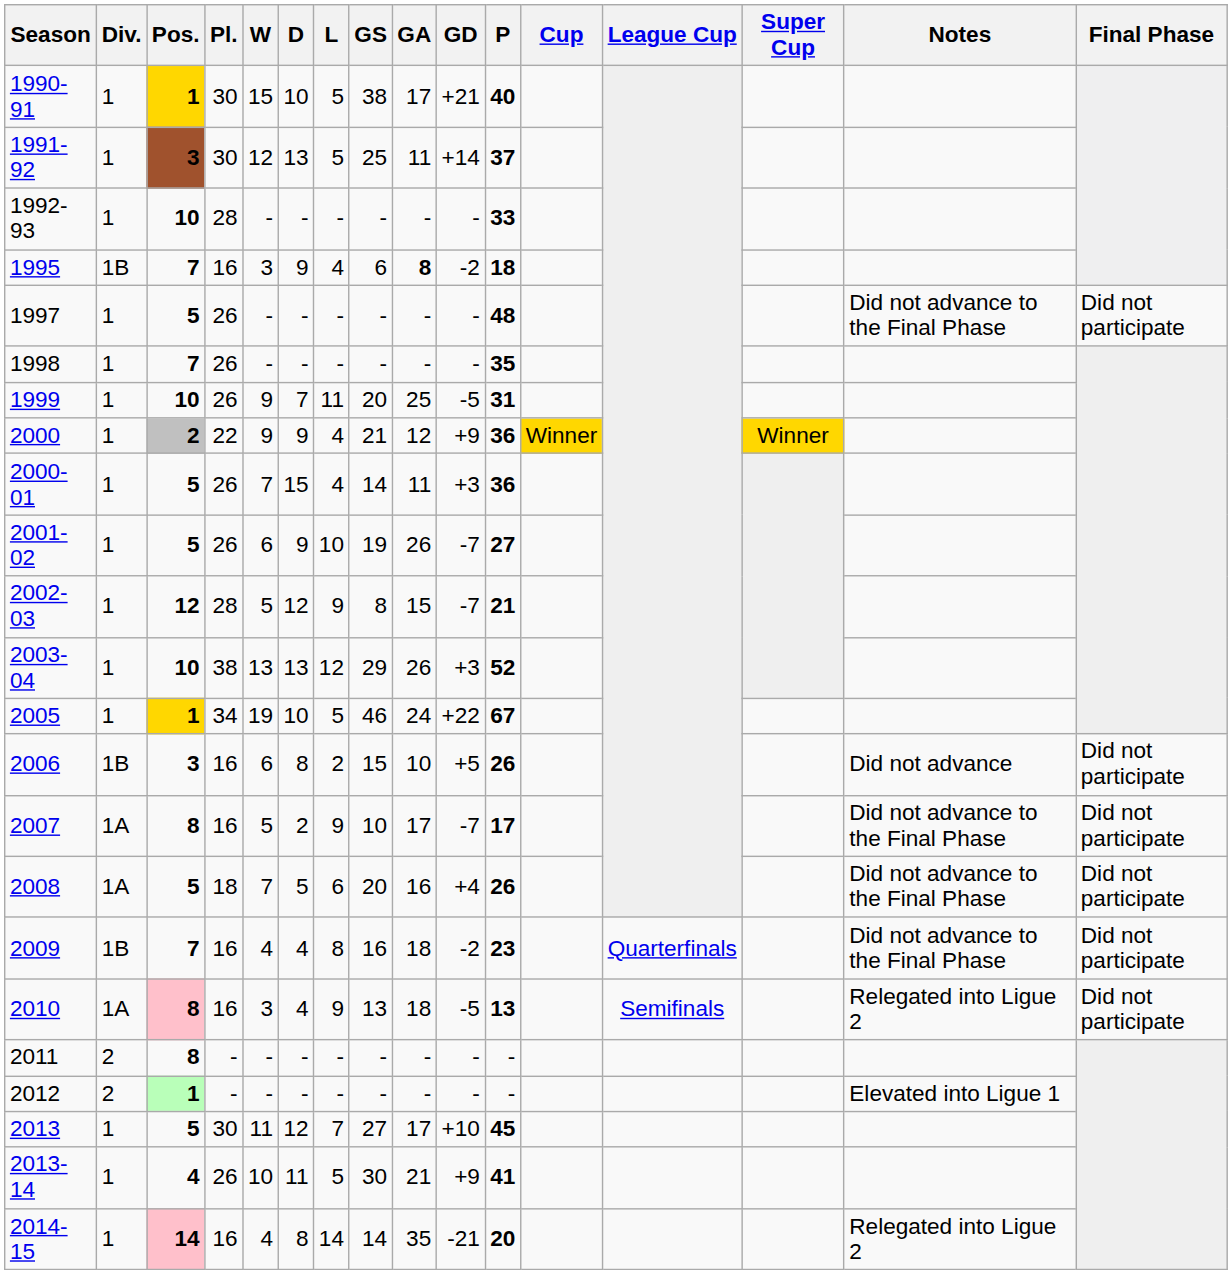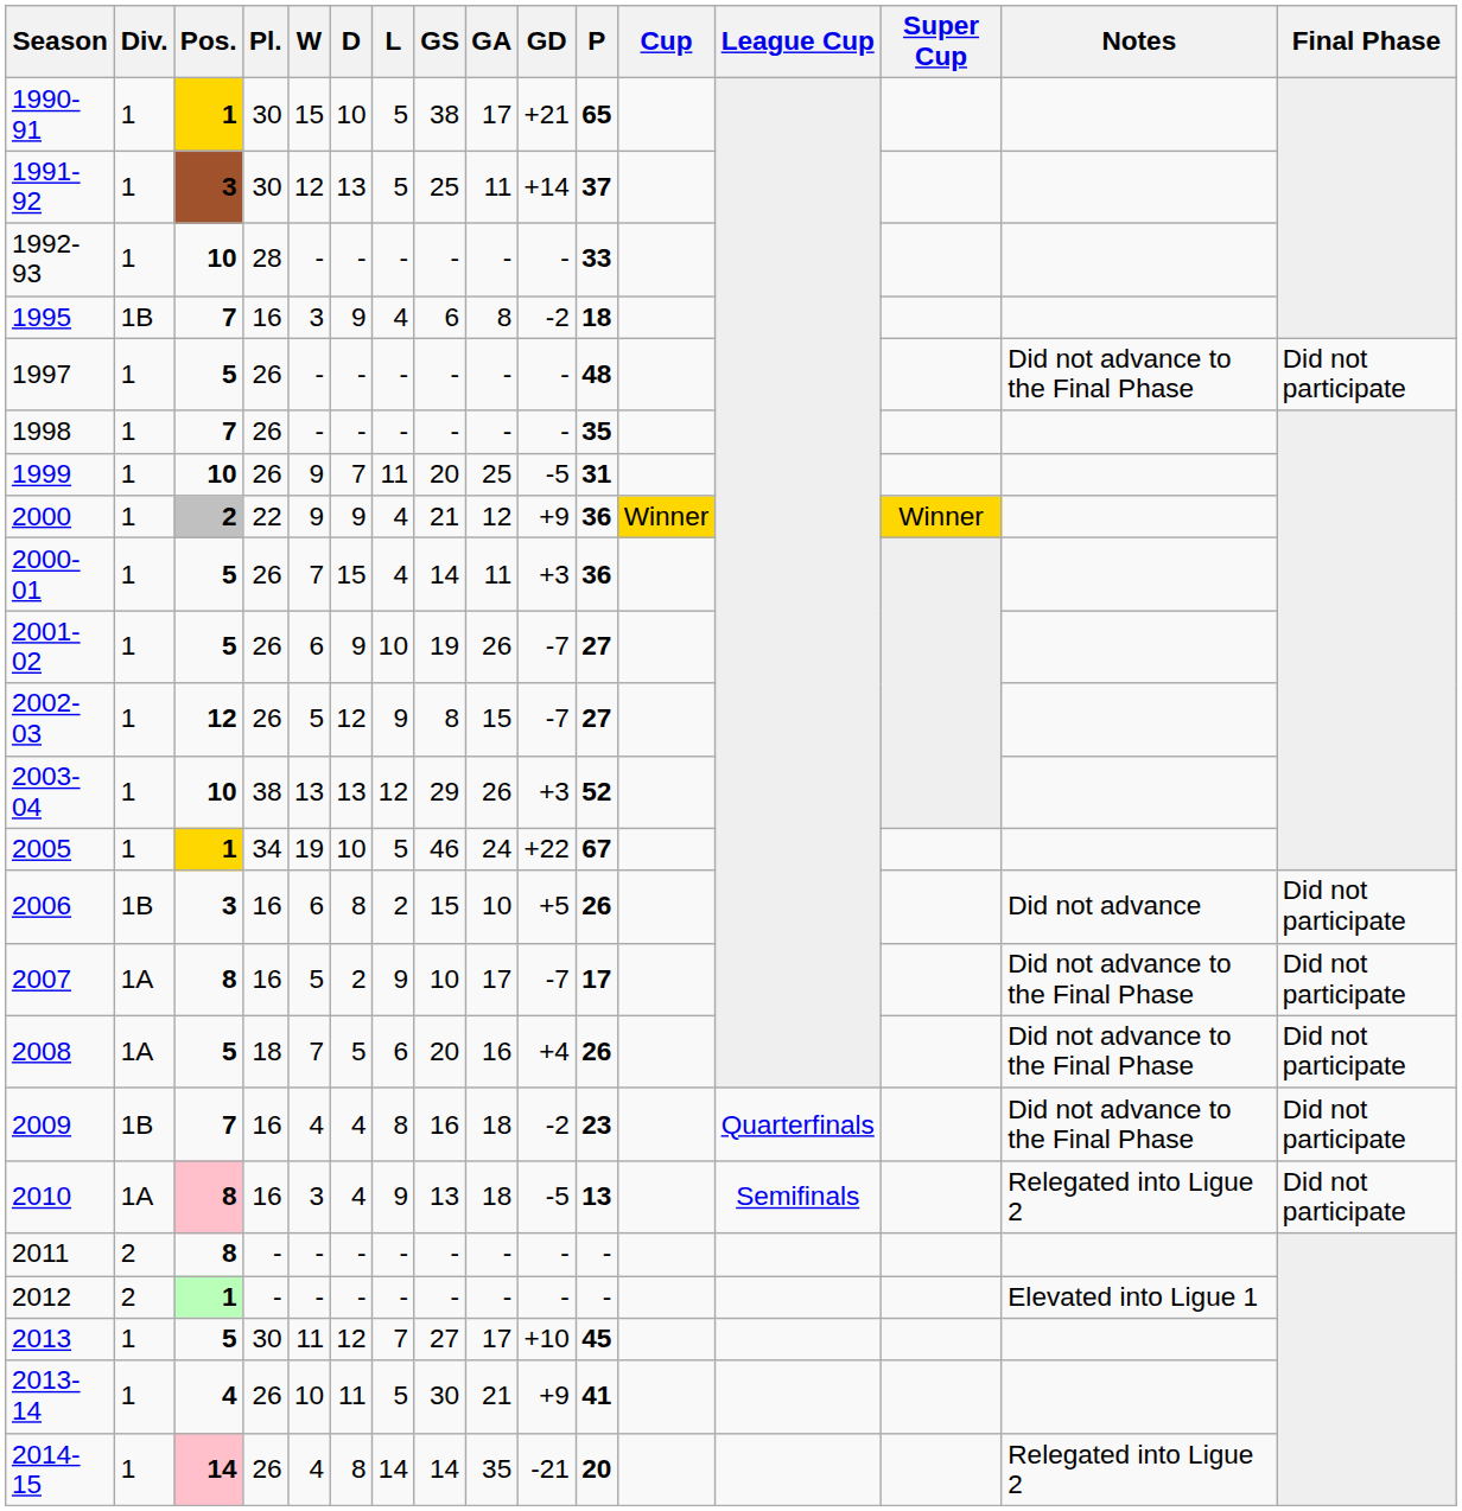 <table class="wikitable">
 <tr style="background:#efefef;">
 <th>Season</th>
 <th>Div.</th>
 <th>Pos.</th>
 <th>Pl.</th>
 <th>W</th>
 <th>D</th>
 <th>L</th>
 <th>GS</th>
 <th>GA</th>
 <th>GD</th>
 <th>P</th>
 <th><a href='#'>Cup</a></th>
 <th><a href='#'>League Cup</a></th>
 <th><a href='#'>Super Cup</a></th>
 <th>Notes</th>
 <th>Final Phase</th>
 </tr>
 <tr>
 <td><a href='#'>1990-91</a></td>
 <td>1</td>
 <td align=right bgcolor=gold><strong>1</strong></td>
 <td align=right>30</td>
 <td align=right>15</td>
 <td align=right>10</td>
 <td align=right>5</td>
 <td align=right>38</td>
 <td align=right>17</td>
 <td align=right>+21</td>
-<td align=right><strong>40</strong></td>
+<td align=right><strong>65</strong></td>
 <td></td>
 <td rowspan="16" bgcolor=#EFEFEF></td>
 <td></td>
 <td></td>
 <td rowspan="4" bgcolor=#EFEFF></td>
 </tr>
 <tr>
 <td><a href='#'>1991-92</a></td>
 <td>1</td>
 <td align=right bgcolor=sienna><strong>3</strong></td>
 <td align=right>30</td>
 <td align=right>12</td>
 <td align=right>13</td>
 <td align=right>5</td>
 <td align=right>25</td>
 <td align=right>11</td>
 <td align=right>+14</td>
 <td align=right><strong>37</strong></td>
 <td></td>
 <td></td>
 <td></td>
 </tr>
 <tr>
 <td>1992-93</td>
 <td>1</td>
 <td align=right><strong>10</strong></td>
 <td align=right>28</td>
 <td align=right>-</td>
 <td align=right>-</td>
 <td align=right>-</td>
 <td align=right>-</td>
 <td align=right>-</td>
 <td align=right>-</td>
 <td align=right><strong>33</strong></td>
 <td></td>
 <td></td>
 <td></td>
 </tr>
 <tr>
 <td><a href='#'>1995</a></td>
 <td>1B</td>
 <td align=right><strong>7</strong></td>
 <td align=right>16</td>
 <td align=right>3</td>
 <td align=right>9</td>
 <td align=right>4</td>
 <td align=right>6</td>
-<td align=right><strong>8</strong></td>
+<td align=right>8</td>
 <td align=right>-2</td>
 <td align=right><strong>18</strong></td>
 <td></td>
 <td></td>
 </tr>
 <tr>
 <td>1997</td>
 <td>1</td>
 <td align=right><strong>5</strong></td>
 <td align=right>26</td>
 <td align=right>-</td>
 <td align=right>-</td>
 <td align=right>-</td>
 <td align=right>-</td>
 <td align=right>-</td>
 <td align=right>-</td>
 <td align=right><strong>48</strong></td>
 <td></td>
 <td></td>
 <td>Did not advance to the Final Phase</td>
 <td>Did not participate</td>
 </tr>
 <tr>
 <td>1998</td>
 <td>1</td>
 <td align=right><strong>7</strong></td>
 <td align=right>26</td>
 <td align=right>-</td>
 <td align=right>-</td>
 <td align=right>-</td>
 <td align=right>-</td>
 <td align=right>-</td>
 <td align=right>-</td>
 <td align=right><strong>35</strong></td>
 <td></td>
 <td></td>
 <td></td>
 <td rowspan="8" bgcolor=#EFEFEF></td>
 </tr>
 <tr>
 <td><a href='#'>1999</a></td>
 <td>1</td>
 <td align=right><strong>10</strong></td>
 <td align=right>26</td>
 <td align=right>9</td>
 <td align=right>7</td>
 <td align=right>11</td>
 <td align=right>20</td>
 <td align=right>25</td>
 <td align=right>-5</td>
 <td align=right><strong>31</strong></td>
 <td></td>
 <td></td>
 </tr>
 <tr>
 <td><a href='#'>2000</a></td>
 <td>1</td>
 <td align=right bgcolor=silver><strong>2</strong></td>
 <td align=right>22</td>
 <td align=right>9</td>
 <td align=right>9</td>
 <td align=right>4</td>
 <td align=right>21</td>
 <td align=right>12</td>
 <td align=right>+9</td>
 <td align=right><strong>36</strong></td>
 <td align=center bgcolor=gold>Winner</td>
 <td align=center bgcolor=gold>Winner</td>
 <td></td>
 </tr>
 <tr>
 <td><a href='#'>2000-01</a></td>
 <td>1</td>
 <td align=right><strong>5</strong></td>
 <td align=right>26</td>
 <td align=right>7</td>
 <td align=right>15</td>
 <td align=right>4</td>
 <td align=right>14</td>
 <td align=right>11</td>
 <td align=right>+3</td>
 <td align=right><strong>36</strong></td>
 <td></td>
 <td rowspan=4 bgcolor=EFEFEF></td>
 <td></td>
 </tr>
 <tr>
 <td><a href='#'>2001-02</a></td>
 <td>1</td>
 <td align=right><strong>5</strong></td>
 <td align=right>26</td>
 <td align=right>6</td>
 <td align=right>9</td>
 <td align=right>10</td>
 <td align=right>19</td>
 <td align=right>26</td>
 <td align=right>-7</td>
 <td align=right><strong>27</strong></td>
 <td></td>
 <td></td>
 </tr>
 <tr>
 <td><a href='#'>2002-03</a></td>
 <td>1</td>
 <td align=right><strong>12</strong></td>
-<td align=right>28</td>
+<td align=right>26</td>
 <td align=right>5</td>
 <td align=right>12</td>
 <td align=right>9</td>
 <td align=right>8</td>
 <td align=right>15</td>
 <td align=right>-7</td>
-<td align=right><strong>21</strong></td>
+<td align=right><strong>27</strong></td>
 <td></td>
 <td></td>
 </tr>
 <tr>
 <td><a href='#'>2003-04</a></td>
 <td>1</td>
 <td align=right><strong>10</strong></td>
 <td align=right>38</td>
 <td align=right>13</td>
 <td align=right>13</td>
 <td align=right>12</td>
 <td align=right>29</td>
 <td align=right>26</td>
 <td align=right>+3</td>
 <td align=right><strong>52</strong></td>
 <td></td>
 <td></td>
 </tr>
 <tr>
 <td><a href='#'>2005</a></td>
 <td>1</td>
 <td align=right bgcolor=gold><strong>1</strong></td>
 <td align=right>34</td>
 <td align=right>19</td>
 <td align=right>10</td>
 <td align=right>5</td>
 <td align=right>46</td>
 <td align=right>24</td>
 <td align=right>+22</td>
 <td align=right><strong>67</strong></td>
 <td></td>
 <td></td>
 </tr>
 <tr>
 <td><a href='#'>2006</a></td>
 <td>1B</td>
 <td align=right><strong>3</strong></td>
 <td align=right>16</td>
 <td align=right>6</td>
 <td align=right>8</td>
 <td align=right>2</td>
 <td align=right>15</td>
 <td align=right>10</td>
 <td align=right>+5</td>
 <td align=right><strong>26</strong></td>
 <td></td>
 <td></td>
 <td>Did not advance</td>
 <td>Did not participate</td>
 </tr>
 <tr>
 <td><a href='#'>2007</a></td>
 <td>1A</td>
 <td align=right><strong>8</strong></td>
 <td align=right>16</td>
 <td align=right>5</td>
 <td align=right>2</td>
 <td align=right>9</td>
 <td align=right>10</td>
 <td align=right>17</td>
 <td align=right>-7</td>
 <td align=right><strong>17</strong></td>
 <td></td>
 <td></td>
 <td>Did not advance to the Final Phase</td>
 <td>Did not participate</td>
 </tr>
 <tr>
 <td><a href='#'>2008</a></td>
 <td>1A</td>
 <td align=right><strong>5</strong></td>
 <td align=right>18</td>
 <td align=right>7</td>
 <td align=right>5</td>
 <td align=right>6</td>
 <td align=right>20</td>
 <td align=right>16</td>
 <td align=right>+4</td>
 <td align=right><strong>26</strong></td>
 <td></td>
 <td></td>
 <td>Did not advance to the Final Phase</td>
 <td>Did not participate</td>
 </tr>
 <tr>
 <td><a href='#'>2009</a></td>
 <td>1B</td>
 <td align=right><strong>7</strong></td>
 <td align=right>16</td>
 <td align=right>4</td>
 <td align=right>4</td>
 <td align=right>8</td>
 <td align=right>16</td>
 <td align=right>18</td>
 <td align=right>-2</td>
 <td align=right><strong>23</strong></td>
 <td></td>
 <td align=center><a href='#'>Quarterfinals</a></td>
 <td></td>
 <td>Did not advance to the Final Phase</td>
 <td>Did not participate</td>
 </tr>
 <tr>
 <td><a href='#'>2010</a></td>
 <td>1A</td>
 <td align=right bgcolor="#FFC0CB"><strong>8</strong></td>
 <td align=right>16</td>
 <td align=right>3</td>
 <td align=right>4</td>
 <td align=right>9</td>
 <td align=right>13</td>
 <td align=right>18</td>
 <td align=right>-5</td>
 <td align=right><strong>13</strong></td>
 <td></td>
 <td align=center><a href='#'>Semifinals</a></td>
 <td></td>
 <td>Relegated into Ligue 2</td>
 <td>Did not participate</td>
 </tr>
 <tr>
 <td>2011</td>
 <td>2</td>
 <td align=right><strong>8</strong></td>
 <td align=right>-</td>
 <td align=right>-</td>
 <td align=right>-</td>
 <td align=right>-</td>
 <td align=right>-</td>
 <td align=right>-</td>
 <td align=right>-</td>
 <td align=right>-</td>
 <td></td>
 <td></td>
 <td></td>
 <td></td>
 <td rowspan="5" bgcolor=#efefef></td>
 </tr>
 <tr>
 <td>2012</td>
 <td>2</td>
 <td align=right bgcolor="#B9FFB9"><strong>1</strong></td>
 <td align=right>-</td>
 <td align=right>-</td>
 <td align=right>-</td>
 <td align=right>-</td>
 <td align=right>-</td>
 <td align=right>-</td>
 <td align=right>-</td>
 <td align=right>-</td>
 <td></td>
 <td></td>
 <td></td>
 <td>Elevated into Ligue 1</td>
 </tr>
 <tr>
 <td><a href='#'>2013</a></td>
 <td>1</td>
 <td align=right><strong>5</strong></td>
 <td align=right>30</td>
 <td align=right>11</td>
 <td align=right>12</td>
 <td align=right>7</td>
 <td align=right>27</td>
 <td align=right>17</td>
 <td align=right>+10</td>
 <td align=right><strong>45</strong></td>
 <td></td>
 <td></td>
 <td></td>
 <td></td>
 </tr>
 <tr>
 <td><a href='#'>2013-14</a></td>
 <td>1</td>
 <td align=right><strong>4</strong></td>
 <td align=right>26</td>
 <td align=right>10</td>
 <td align=right>11</td>
 <td align=right>5</td>
 <td align=right>30</td>
 <td align=right>21</td>
 <td align=right>+9</td>
 <td align=right><strong>41</strong></td>
 <td></td>
 <td></td>
 <td></td>
 <td></td>
 </tr>
 <tr>
 <td><a href='#'>2014-15</a></td>
 <td>1</td>
 <td align=right bgcolor="#ffcocb"><strong>14</strong></td>
-<td align=right>16</td>
+<td align=right>26</td>
 <td align=right>4</td>
 <td align=right>8</td>
 <td align=right>14</td>
 <td align=right>14</td>
 <td align=right>35</td>
 <td align=right>-21</td>
 <td align=right><strong>20</strong></td>
 <td></td>
 <td></td>
 <td></td>
 <td>Relegated into Ligue 2</td>
 </tr>
 </table>
